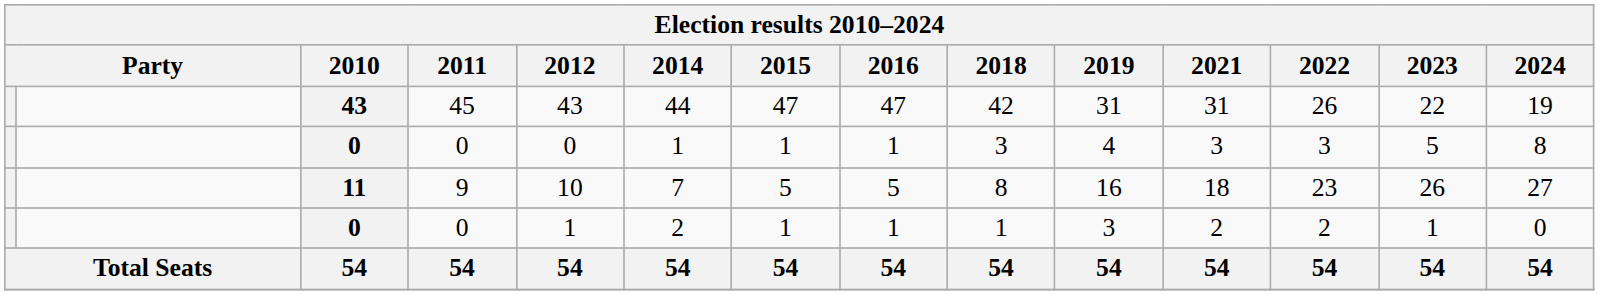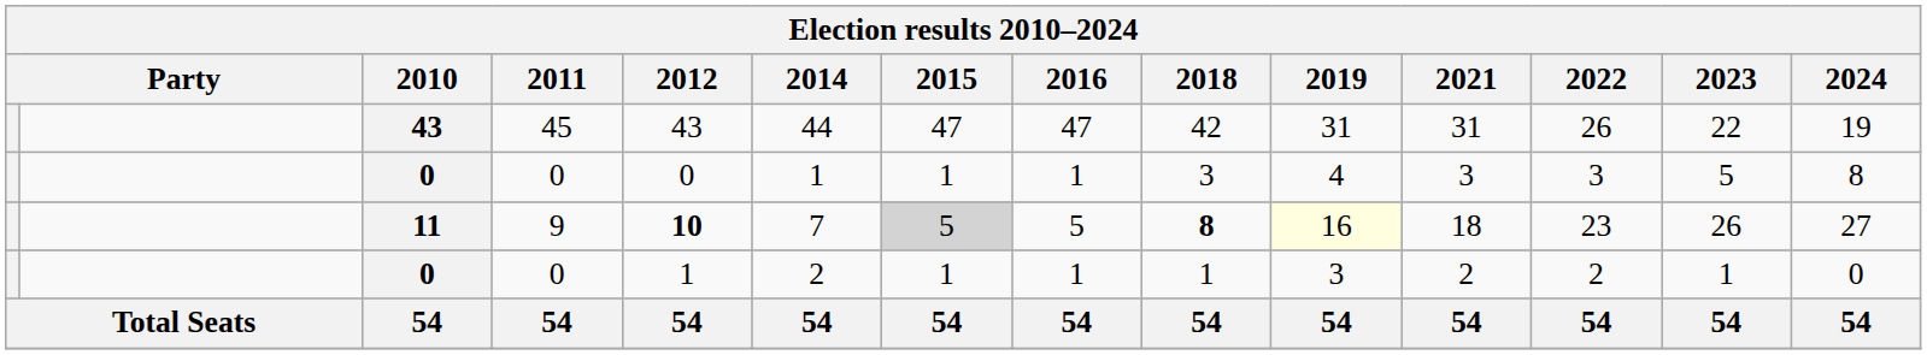 <table class="wikitable" style="">
 <tr>
 <th colspan="14">Election results 2010–2024</th>
 </tr>
 <tr>
 <th colspan="2">Party</th>
 <th align="center">2010</th>
 <th style="width: 50px">2011</th>
 <th style="width: 50px">2012</th>
 <th style="width: 50px">2014</th>
 <th style="width: 50px">2015</th>
 <th style="width: 50px">2016</th>
 <th style="width: 50px">2018</th>
 <th style="width: 50px">2019</th>
 <th style="width: 50px">2021</th>
 <th style="width: 50px">2022</th>
 <th style="width: 50px">2023</th>
 <th style="width: 50px">2024</th>
 </tr>
 <tr>
 <th style="color:inherit;background-color: "></th>
 <td style="width: 170px"><a href='#'></a></td>
 <th align="center">43</th>
 <td align="center">45</td>
 <td align="center">43</td>
 <td align="center">44</td>
 <td align="center">47</td>
 <td align="center">47</td>
 <td align="center">42</td>
 <td align="center">31</td>
 <td align="center">31</td>
 <td align="center">26</td>
 <td align="center">22</td>
 <td align="center">19</td>
 </tr>
 <tr>
 <th style="color:inherit;background-color: "></th>
 <td style="width: 170px"><a href='#'></a></td>
 <th align="center">0</th>
 <td align="center">0</td>
 <td align="center">0</td>
 <td align="center">1</td>
 <td align="center">1</td>
 <td align="center">1</td>
 <td align="center">3</td>
 <td align="center">4</td>
 <td align="center">3</td>
 <td align="center">3</td>
 <td align="center">5</td>
 <td align="center">8</td>
 </tr>
 <tr>
 <th style="color:inherit;background-color: "></th>
 <td style="width: 170px"><a href='#'></a></td>
 <th align="center">11</th>
 <td align="center">9</td>
-<td align="center">10</td>
+<td align="center"><strong>10</strong></td>
 <td align="center">7</td>
+<td align="center" style="background: lightgrey;">5</td>
 <td align="center">5</td>
-<td align="center">5</td>
-<td align="center">8</td>
-<td align="center">16</td>
+<td align="center"><strong>8</strong></td>
+<td align="center" style="background: lightyellow;">16</td>
 <td align="center">18</td>
 <td align="center">23</td>
 <td align="center">26</td>
 <td align="center">27</td>
 </tr>
 <tr>
 <th style="color:inherit;background-color: "></th>
 <td style="width: 170px"></td>
 <th align="center">0</th>
 <td align="center">0</td>
 <td align="center">1</td>
 <td align="center">2</td>
 <td align="center">1</td>
 <td align="center">1</td>
 <td align="center">1</td>
 <td align="center">3</td>
 <td align="center">2</td>
 <td align="center">2</td>
 <td align="center">1</td>
 <td align="center">0</td>
 </tr>
 <tr>
 <th colspan="2">Total Seats</th>
 <th style="width: 60px">54</th>
 <th style="width: 60px">54</th>
 <th style="width: 60px">54</th>
 <th style="width: 60px">54</th>
 <th style="width: 60px">54</th>
 <th style="width: 60px">54</th>
 <th style="width: 60px">54</th>
 <th style="width: 60px">54</th>
 <th style="width: 60px">54</th>
 <th style="width: 60px">54</th>
 <th style="width: 60px">54</th>
 <th style="width: 60px">54</th>
 </tr>
 <tr>
 </tr>
 </table>
